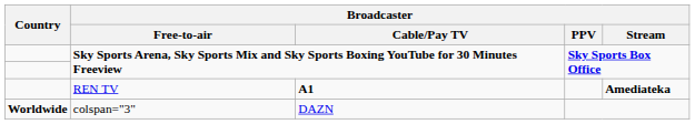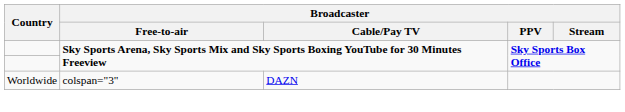 <table class="wikitable">
 <tr>
 <th rowspan="2">Country</th>
 <th colspan="4">Broadcaster</th>
 </tr>
 <tr>
 <th>Free-to-air</th>
 <th>Cable/Pay TV</th>
 <th>PPV</th>
 <th>Stream</th>
 </tr>
 <tr>
 <td><strong></strong></td>
 <td colspan="2" rowspan="2"><strong>Sky Sports Arena, Sky Sports Mix and Sky Sports Boxing YouTube for 30 Minutes Freeview</strong></td>
 <td colspan="2" rowspan="2"><strong><a href='#'>Sky Sports Box Office</a></strong></td>
 </tr>
 <tr>
 <td></td>
 </tr>
 <tr>
-<td><strong></strong></td>
-<td><a href='#'>REN TV</a></td>
-<td><strong>A1</strong></td>
-<td></td>
-<td><strong>Amediateka</strong></td>
-</tr>
-<tr>
-<td><strong>Worldwide</strong></td>
+<td>Worldwide</td>
 <td>colspan="3" </td>
 <td><a href='#'>DAZN</a></td>
 </tr>
 </table>
